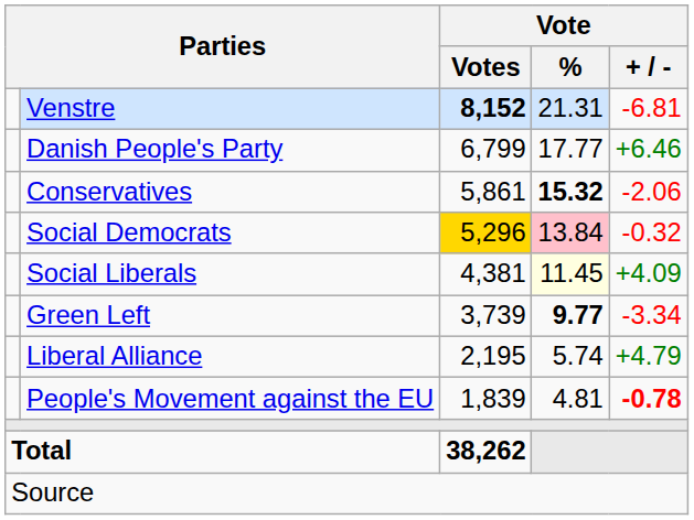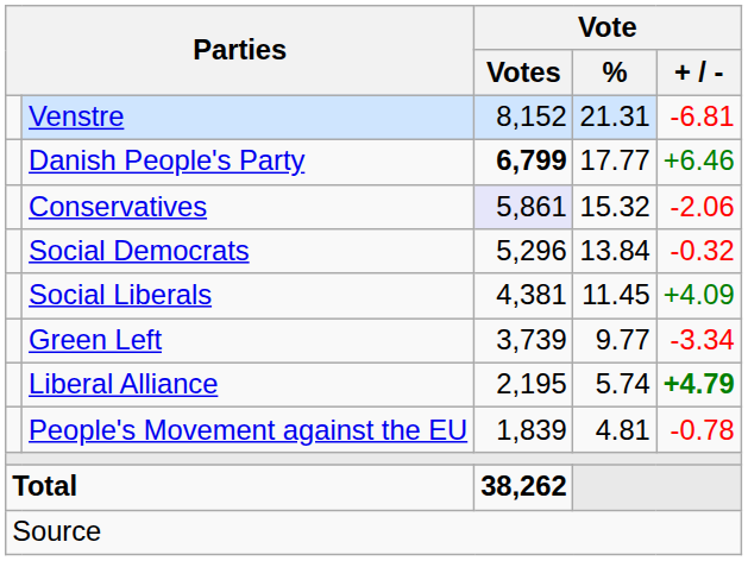 <table class="wikitable" style="text-align:right;">
 <tr>
 <th style="text-align:centre;" rowspan="2" colspan="2" width="225">Parties</th>
 <th colspan="3">Vote</th>
 </tr>
 <tr>
 <th width="15">Votes</th>
 <th width="15">%</th>
 <th width="15">+ / -</th>
 </tr>
 <tr>
 <td width="2" style="color:inherit;background:"></td>
 <td bgcolor=#cfe5fe   align="left"><a href='#'>Venstre</a></td>
-<td bgcolor=#cfe5fe><strong>8,152</strong></td>
+<td bgcolor=#cfe5fe>8,152</td>
 <td bgcolor=#cfe5fe>21.31</td>
 <td style=color:red;>-6.81</td>
 </tr>
 <tr>
 <td width="2" style="color:inherit;background:"></td>
 <td align="left"><a href='#'>Danish People's Party</a></td>
-<td>6,799</td>
+<td><strong>6,799</strong></td>
 <td>17.77</td>
 <td style=color:green;>+6.46</td>
 </tr>
 <tr>
 <td width="2" style="color:inherit;background:"></td>
 <td align="left"><a href='#'>Conservatives</a></td>
-<td>5,861</td>
-<td><strong>15.32</strong></td>
+<td style="background: lavender;">5,861</td>
+<td>15.32</td>
 <td style=color:red;>-2.06</td>
 </tr>
 <tr>
 <td width="2" style="color:inherit;background:"></td>
 <td align="left"><a href='#'>Social Democrats</a></td>
-<td style="background: gold;">5,296</td>
-<td style="background: pink;">13.84</td>
+<td>5,296</td>
+<td>13.84</td>
 <td style=color:red;>-0.32</td>
 </tr>
 <tr>
 <td width="2" style="color:inherit;background:"></td>
 <td align="left"><a href='#'>Social Liberals</a></td>
 <td>4,381</td>
-<td style="background: lightyellow;">11.45</td>
+<td>11.45</td>
 <td style=color:green;>+4.09</td>
 </tr>
 <tr>
 <td width="2" style="color:inherit;background:"></td>
 <td align="left"><a href='#'>Green Left</a></td>
 <td>3,739</td>
-<td><strong>9.77</strong></td>
+<td>9.77</td>
 <td style=color:red;>-3.34</td>
 </tr>
 <tr>
 <td width="2" style="color:inherit;background:"></td>
 <td align="left"><a href='#'>Liberal Alliance</a></td>
 <td>2,195</td>
 <td>5.74</td>
-<td style=color:green;>+4.79</td>
+<td style=color:green;><strong>+4.79</strong></td>
 </tr>
 <tr>
 <td width="2" style="color:inherit;background:"></td>
 <td align="left"><a href='#'>People's Movement against the EU</a></td>
 <td>1,839</td>
 <td>4.81</td>
-<td style=color:red;><strong>-0.78</strong></td>
+<td style=color:red;>-0.78</td>
 </tr>
 <tr>
 <td colspan="7" bgcolor="#E9E9E9"></td>
 </tr>
 <tr>
 <td align="left" colspan="2"><strong>Total</strong></td>
 <td><strong>38,262</strong></td>
 <td bgcolor="#E9E9E9" colspan="2"></td>
 </tr>
 <tr>
 <td align="left" colspan="6">Source</td>
 </tr>
 </table>
